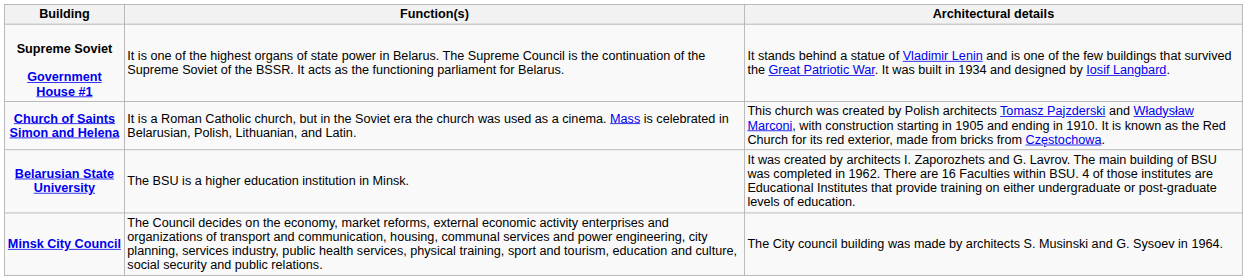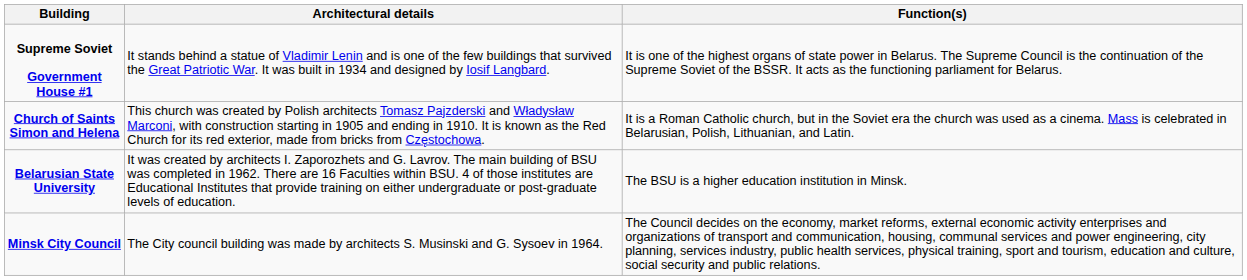 <table class="wikitable">
 <tr>
 <th>Building</th>
+<th>Architectural details</th>
 <th>Function(s)</th>
-<th>Architectural details</th>
 </tr>
 <tr>
 <td style="text-align:center"><br><strong>Supreme Soviet</strong><br> <br><strong><a href='#'>Government House #1</a></strong></td>
+<td>It stands behind a statue of <a href='#'>Vladimir Lenin</a> and is one of the few buildings that survived the <a href='#'>Great Patriotic War</a>. It was built in 1934 and designed by <a href='#'>Iosif Langbard</a>.</td>
 <td>It is one of the highest organs of state power in Belarus. The Supreme Council is the continuation of the Supreme Soviet of the BSSR. It acts as the functioning parliament for Belarus.</td>
-<td>It stands behind a statue of <a href='#'>Vladimir Lenin</a> and is one of the few buildings that survived the <a href='#'>Great Patriotic War</a>. It was built in 1934 and designed by <a href='#'>Iosif Langbard</a>.</td>
 </tr>
 <tr>
 <td style="text-align:center"><strong><a href='#'>Church of Saints Simon and Helena</a></strong><br></td>
+<td>This church was created by Polish architects <a href='#'>Tomasz Pajzderski</a> and <a href='#'>Władysław Marconi</a>, with construction starting in 1905 and ending in 1910. It is known as the Red Church for its red exterior, made from bricks from <a href='#'>Częstochowa</a>.</td>
 <td>It is a Roman Catholic church, but in the Soviet era the church was used as a cinema. <a href='#'>Mass</a> is celebrated in Belarusian, Polish, Lithuanian, and Latin.</td>
-<td>This church was created by Polish architects <a href='#'>Tomasz Pajzderski</a> and <a href='#'>Władysław Marconi</a>, with construction starting in 1905 and ending in 1910. It is known as the Red Church for its red exterior, made from bricks from <a href='#'>Częstochowa</a>.</td>
 </tr>
 <tr>
 <td style="text-align:center"><strong><a href='#'>Belarusian State University</a></strong><br></td>
+<td>It was created by architects I. Zaporozhets and G. Lavrov. The main building of BSU was completed in 1962. There are 16 Faculties within BSU. 4 of those institutes are Educational Institutes that provide training on either undergraduate or post-graduate levels of education.</td>
 <td>The BSU is a higher education institution in Minsk.</td>
-<td>It was created by architects I. Zaporozhets and G. Lavrov. The main building of BSU was completed in 1962. There are 16 Faculties within BSU. 4 of those institutes are Educational Institutes that provide training on either undergraduate or post-graduate levels of education.</td>
 </tr>
 <tr>
 <td style="text-align:center"><strong><a href='#'>Minsk City Council</a></strong><br></td>
+<td>The City council building was made by architects S. Musinski and G. Sysoev in 1964.</td>
 <td>The Council decides on the economy, market reforms, external economic activity enterprises and organizations of transport and communication, housing, communal services and power engineering, city planning, services industry, public health services, physical training, sport and tourism, education and culture, social security and public relations.</td>
-<td>The City council building was made by architects S. Musinski and G. Sysoev in 1964.</td>
 </tr>
 </table>
